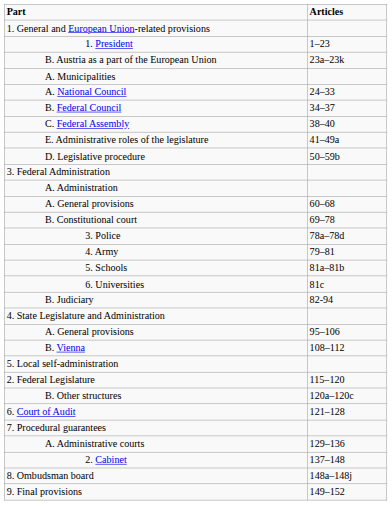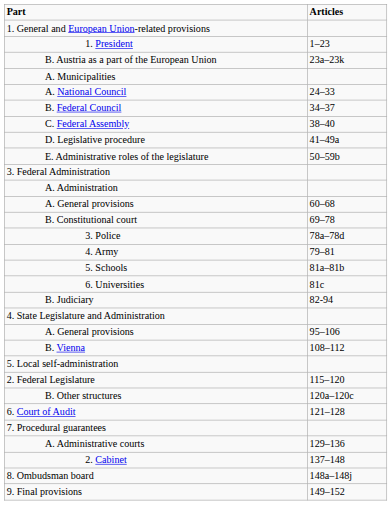 <table class="wikitable">
 <tr>
 <td style="width: 32em"><strong>Part</strong></td>
 <td style="width: 8em"><strong>Articles</strong></td>
 </tr>
 <tr>
 <td>1. General and <a href='#'>European Union</a>-related provisions</td>
 <td></td>
 </tr>
 <tr>
 <td style="padding-left: 8em">1. <a href='#'>President</a></td>
 <td>1–23</td>
 </tr>
 <tr>
 <td style="padding-left: 4em">B. Austria as a part of the European Union</td>
 <td>23a–23k</td>
 </tr>
 <tr>
 <td style="padding-left: 4em">A. Municipalities</td>
 <td></td>
 </tr>
 <tr>
 <td style="padding-left: 4em">A. <a href='#'>National Council</a></td>
 <td>24–33</td>
 </tr>
 <tr>
 <td style="padding-left: 4em">B. <a href='#'>Federal Council</a></td>
 <td>34–37</td>
 </tr>
 <tr>
 <td style="padding-left: 4em">C. <a href='#'>Federal Assembly</a></td>
 <td>38–40</td>
 </tr>
 <tr>
-<td style="padding-left: 4em">E. Administrative roles of the legislature</td>
+<td style="padding-left: 4em">D. Legislative procedure</td>
 <td>41–49a</td>
 </tr>
 <tr>
-<td style="padding-left: 4em">D. Legislative procedure</td>
+<td style="padding-left: 4em">E. Administrative roles of the legislature</td>
 <td>50–59b</td>
 </tr>
 <tr>
 <td>3. Federal Administration</td>
 <td></td>
 </tr>
 <tr>
 <td style="padding-left: 4em">A. Administration</td>
 </tr>
 <tr>
 <td style="padding-left: 4em">A. General provisions</td>
 <td>60–68</td>
 </tr>
 <tr>
 <td style="padding-left: 4em">B. Constitutional court</td>
 <td>69–78</td>
 </tr>
 <tr>
 <td style="padding-left: 8em">3. Police</td>
 <td>78a–78d</td>
 </tr>
 <tr>
 <td style="padding-left: 8em">4. Army</td>
 <td>79–81</td>
 </tr>
 <tr>
 <td style="padding-left: 8em">5. Schools</td>
 <td>81a–81b</td>
 </tr>
 <tr>
 <td style="padding-left: 8em">6. Universities</td>
 <td>81c</td>
 </tr>
 <tr>
 <td style="padding-left: 4em">B. Judiciary</td>
 <td>82-94</td>
 </tr>
 <tr>
 <td>4. State Legislature and Administration</td>
 <td></td>
 </tr>
 <tr>
 <td style="padding-left: 4em">A. General provisions</td>
 <td>95–106</td>
 </tr>
 <tr>
 <td style="padding-left: 4em">B. <a href='#'>Vienna</a></td>
 <td>108–112</td>
 </tr>
 <tr>
 <td>5. Local self-administration</td>
 <td></td>
 </tr>
 <tr>
 <td>2. Federal Legislature</td>
 <td>115–120</td>
 </tr>
 <tr>
 <td style="padding-left: 4em">B. Other structures</td>
 <td>120a–120c</td>
 </tr>
 <tr>
 <td>6. <a href='#'>Court of Audit</a></td>
 <td>121–128</td>
 </tr>
 <tr>
 <td>7. Procedural guarantees</td>
 <td></td>
 </tr>
 <tr>
 <td style="padding-left: 4em">A. Administrative courts</td>
 <td>129–136</td>
 </tr>
 <tr>
 <td style="padding-left: 8em">2. <a href='#'>Cabinet</a></td>
 <td>137–148</td>
 </tr>
 <tr>
 <td>8. Ombudsman board</td>
 <td>148a–148j</td>
 </tr>
 <tr>
 <td>9. Final provisions</td>
 <td>149–152</td>
 </tr>
 </table>
